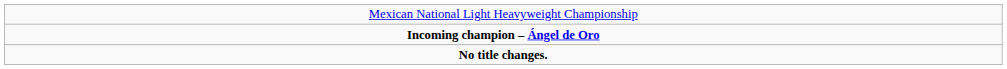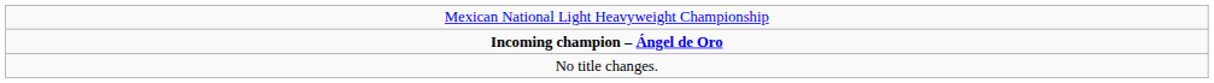 <table class="wikitable" style="text-align:center; width:100%;">
 <tr>
 <td style="text-align: center;"><a href='#'>Mexican National Light Heavyweight Championship</a></td>
 </tr>
 <tr>
 <td style="text-align: center;"><strong>Incoming champion – <a href='#'>Ángel de Oro</a></strong></td>
 </tr>
 <tr>
-<td><strong>No title changes.</strong></td>
+<td>No title changes.</td>
 </tr>
 </table>
